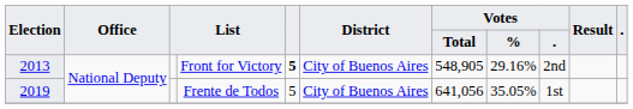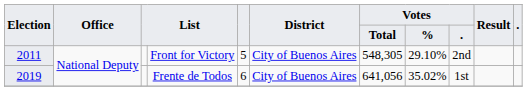 <table class="wikitable" style="font-size:90%; text-align:center;">
 <tr>
 <th style="background-color:#EAECF0;" rowspan=2>Election</th>
 <th style="background-color:#EAECF0;" rowspan=2>Office</th>
 <th style="background-color:#EAECF0;" colspan=2 rowspan=2>List</th>
 <th style="background-color:#EAECF0;" rowspan=2></th>
 <th style="background-color:#EAECF0;" rowspan=2>District</th>
 <th style="background-color:#EAECF0;" colspan=3>Votes</th>
 <th style="background-color:#EAECF0;" rowspan=2>Result</th>
 <th style="background-color:#EAECF0;" rowspan=2>.</th>
 </tr>
 <tr>
 <th style="background-color:#EAECF0;">Total</th>
 <th style="background-color:#EAECF0;">%</th>
 <th style="background-color:#EAECF0;">.</th>
 </tr>
 <tr>
-<td style="background-color:#EAECF0;"><a href='#'>2013</a></td>
+<td style="background-color:#EAECF0;"><a href='#'>2011</a></td>
 <td rowspan="2"><a href='#'>National Deputy</a></td>
 <td style="background-color:"></td>
 <td><a href='#'>Front for Victory</a></td>
-<td><strong>5</strong></td>
+<td>5</td>
 <td><a href='#'>City of Buenos Aires</a></td>
-<td>548,905</td>
-<td>29.16%</td>
+<td>548,305</td>
+<td>29.10%</td>
 <td>2nd</td>
 <td></td>
 <td></td>
 </tr>
 <tr>
 <td style="background-color:#EAECF0;"><a href='#'>2019</a></td>
 <td style="background-color:"></td>
 <td><a href='#'>Frente de Todos</a></td>
-<td>5</td>
+<td>6</td>
 <td><a href='#'>City of Buenos Aires</a></td>
 <td>641,056</td>
-<td>35.05%</td>
+<td>35.02%</td>
 <td>1st</td>
 <td></td>
 <td></td>
 </tr>
 <tr>
 </tr>
 </table>
